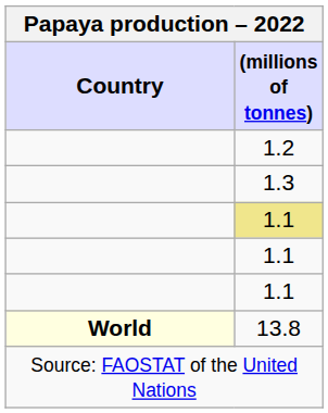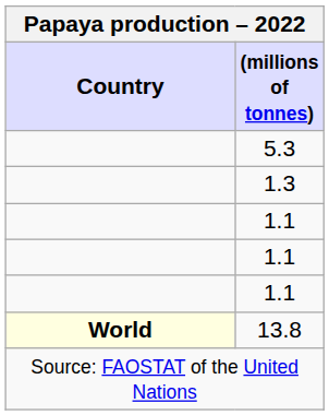 <table class="wikitable" style="float:right; clear:left; width:14em; text-align:center;">
 <tr>
 <th colspan=2>Papaya production – 2022</th>
 </tr>
 <tr>
 <th style="background:#ddf; width:75%;">Country</th>
 <th style="background:#ddf; width:25%;"><small>(millions of <a href='#'>tonnes</a>)</small></th>
 </tr>
 <tr>
 <td></td>
-<td>1.2</td>
+<td>5.3</td>
 </tr>
 <tr>
 <td></td>
 <td>1.3</td>
 </tr>
 <tr>
 <td></td>
-<td style="background: khaki;">1.1</td>
+<td>1.1</td>
 </tr>
 <tr>
 <td></td>
 <td>1.1</td>
 </tr>
 <tr>
 <td></td>
 <td>1.1</td>
 </tr>
 <tr>
 <td style="background: lightyellow;"><strong>World</strong></td>
 <td>13.8</td>
 </tr>
 <tr>
 <td colspan=2><small>Source: <a href='#'>FAOSTAT</a> of the <a href='#'>United Nations</a></small></td>
 </tr>
 </table>
